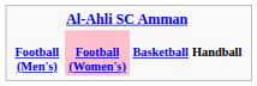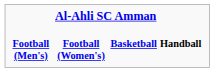 <table class="infobox" style="width: 270px;">
 <tr>
 <th colspan="4"><a href='#'><span>Al-Ahli SC Amman</span></a></th>
 </tr>
 <tr style="font-size: 85%; text-align: center">
 <td><br><strong><a href='#'>Football (Men's)</a></strong></td>
-<td style="background: pink;"><br><strong><a href='#'>Football (Women's)</a></strong></td>
+<td><br><strong><a href='#'>Football (Women's)</a></strong></td>
 <td><br><strong><a href='#'>Basketball</a></strong></td>
 <td><br><strong>Handball</strong></td>
 <td></td>
 </tr>
 </table>
